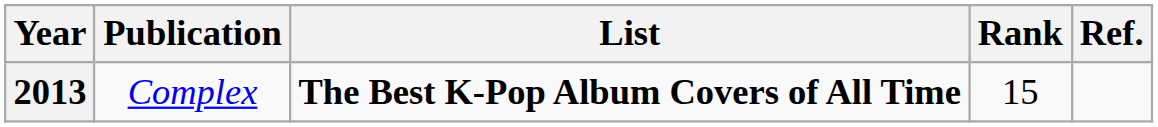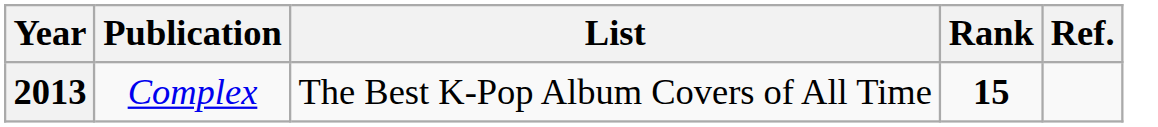 <table class="wikitable plainrowheaders">
 <tr>
 <th>Year</th>
 <th>Publication</th>
 <th>List</th>
 <th>Rank</th>
 <th>Ref.</th>
 </tr>
 <tr>
 <th scope="row">2013</th>
 <td style="text-align:center;"><a href='#'><em>Complex</em></a></td>
-<td><strong>The Best K-Pop Album Covers of All Time</strong></td>
-<td style="text-align:center;">15</td>
+<td>The Best K-Pop Album Covers of All Time</td>
+<td style="text-align:center;"><strong>15</strong></td>
 <td></td>
 </tr>
 </table>
